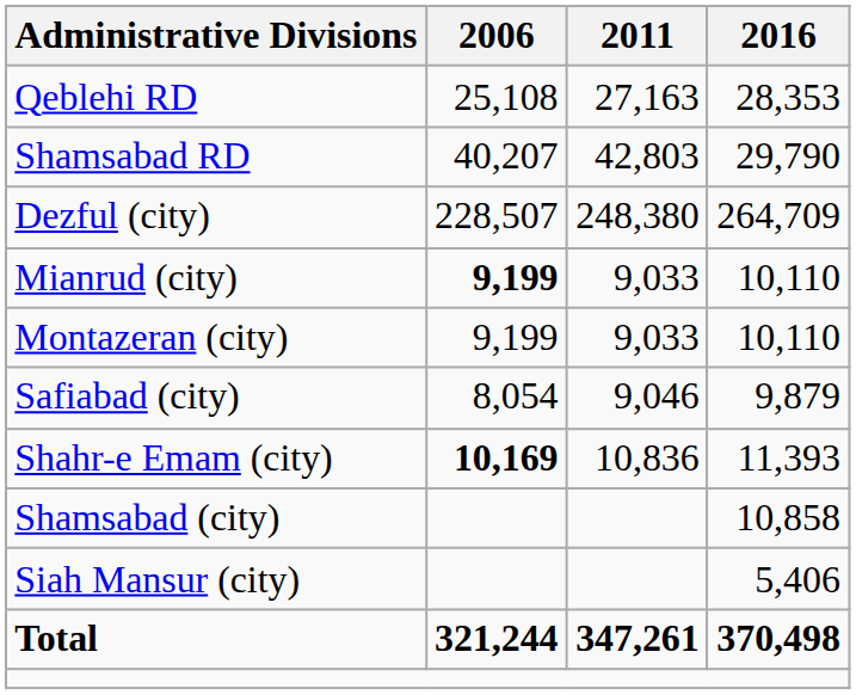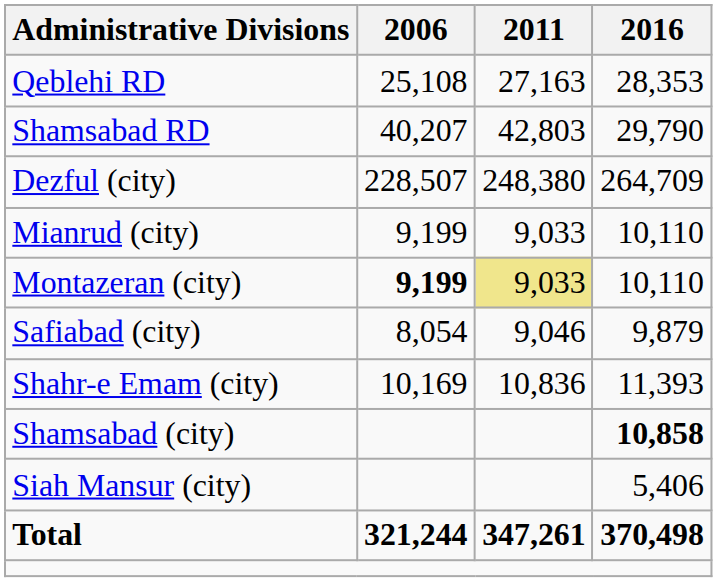 <table class="wikitable">
 <tr>
 <th>Administrative Divisions</th>
 <th>2006</th>
 <th>2011</th>
 <th>2016</th>
 </tr>
 <tr>
 <td><a href='#'>Qeblehi RD</a></td>
 <td style="text-align: right;">25,108</td>
 <td style="text-align: right;">27,163</td>
 <td style="text-align: right;">28,353</td>
 </tr>
 <tr>
 <td><a href='#'>Shamsabad RD</a></td>
 <td style="text-align: right;">40,207</td>
 <td style="text-align: right;">42,803</td>
 <td style="text-align: right;">29,790</td>
 </tr>
 <tr>
 <td><a href='#'>Dezful</a> (city)</td>
 <td style="text-align: right;">228,507</td>
 <td style="text-align: right;">248,380</td>
 <td style="text-align: right;">264,709</td>
 </tr>
 <tr>
 <td><a href='#'>Mianrud</a> (city)</td>
-<td style="text-align: right;"><strong>9,199</strong></td>
+<td style="text-align: right;">9,199</td>
 <td style="text-align: right;">9,033</td>
 <td style="text-align: right;">10,110</td>
 </tr>
 <tr>
 <td><a href='#'>Montazeran</a> (city)</td>
-<td style="text-align: right;">9,199</td>
-<td style="text-align: right;">9,033</td>
+<td style="text-align: right;"><strong>9,199</strong></td>
+<td style="background: khaki; text-align: right;">9,033</td>
 <td style="text-align: right;">10,110</td>
 </tr>
 <tr>
 <td><a href='#'>Safiabad</a> (city)</td>
 <td style="text-align: right;">8,054</td>
 <td style="text-align: right;">9,046</td>
 <td style="text-align: right;">9,879</td>
 </tr>
 <tr>
 <td><a href='#'>Shahr-e Emam</a> (city)</td>
-<td style="text-align: right;"><strong>10,169</strong></td>
+<td style="text-align: right;">10,169</td>
 <td style="text-align: right;">10,836</td>
 <td style="text-align: right;">11,393</td>
 </tr>
 <tr>
 <td><a href='#'>Shamsabad</a> (city)</td>
 <td style="text-align: right;"></td>
 <td style="text-align: right;"></td>
-<td style="text-align: right;">10,858</td>
+<td style="text-align: right;"><strong>10,858</strong></td>
 </tr>
 <tr>
 <td><a href='#'>Siah Mansur</a> (city)</td>
 <td style="text-align: right;"></td>
 <td style="text-align: right;"></td>
 <td style="text-align: right;">5,406</td>
 </tr>
 <tr>
 <td><strong>Total</strong></td>
 <td style="text-align: right;"><strong>321,244</strong></td>
 <td style="text-align: right;"><strong>347,261</strong></td>
 <td style="text-align: right;"><strong>370,498</strong></td>
 </tr>
 <tr>
 <td colspan=4></td>
 </tr>
 </table>
